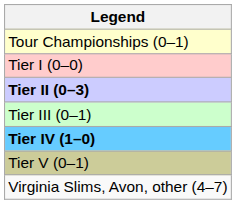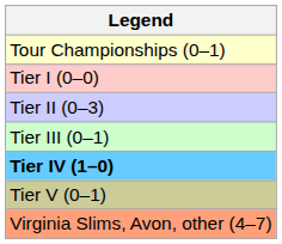 <table class="wikitable" style="font-size:90%;">
 <tr>
 <th>Legend</th>
 </tr>
 <tr>
 <td style="background:#ffc;">Tour Championships (0–1)</td>
 </tr>
 <tr>
 <td bgcolor=#FFCCCC>Tier I (0–0)</td>
 </tr>
 <tr>
-<td bgcolor=#CCCCFF><strong>Tier II (0–3)</strong></td>
+<td bgcolor=#CCCCFF>Tier II (0–3)</td>
 </tr>
 <tr>
 <td bgcolor=#CCFFCC>Tier III (0–1)</td>
 </tr>
 <tr>
 <td bgcolor=#66CCFF><strong>Tier IV (1–0)</strong></td>
 </tr>
 <tr>
 <td bgcolor=#CCCC99>Tier V (0–1)</td>
 </tr>
 <tr>
-<td>Virginia Slims, Avon, other (4–7)</td>
+<td style="background: lightsalmon;">Virginia Slims, Avon, other (4–7)</td>
 </tr>
 </table>
